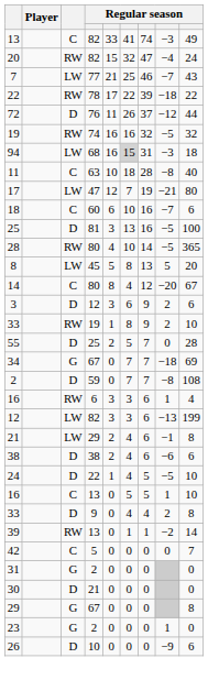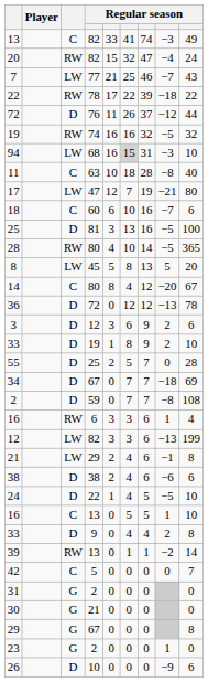 <table class="wikitable sortable plainrowheaders" style="text-align:center;">
 <tr>
 <th scope="col" data-sort-type="number" rowspan="2"></th>
 <th scope="col" rowspan="2">Player</th>
 <th scope="col" rowspan="2"></th>
 <th scope=colgroup colspan=6>Regular season</th>
 </tr>
 <tr>
 <th scope="col" data-sort-type="number"></th>
 <th scope="col" data-sort-type="number"></th>
 <th scope="col" data-sort-type="number"></th>
 <th scope="col" data-sort-type="number"></th>
 <th scope="col" data-sort-type="number"></th>
 <th scope="col" data-sort-type="number"></th>
 </tr>
 <tr>
 <td scope="row">13</td>
 <td align="left"></td>
 <td>C</td>
 <td>82</td>
 <td>33</td>
 <td>41</td>
 <td>74</td>
 <td>−3</td>
 <td>49</td>
 </tr>
 <tr>
 <td scope="row">20</td>
 <td align="left"></td>
 <td>RW</td>
 <td>82</td>
 <td>15</td>
 <td>32</td>
 <td>47</td>
 <td>−4</td>
 <td>24</td>
 </tr>
 <tr>
 <td scope="row">7</td>
 <td align="left"></td>
 <td>LW</td>
 <td>77</td>
 <td>21</td>
 <td>25</td>
 <td>46</td>
 <td>−7</td>
 <td>43</td>
 </tr>
 <tr>
 <td scope="row">22</td>
 <td align="left"></td>
 <td>RW</td>
 <td>78</td>
 <td>17</td>
 <td>22</td>
 <td>39</td>
 <td>−18</td>
 <td>22</td>
 </tr>
 <tr>
 <td scope="row">72</td>
 <td align="left"></td>
 <td>D</td>
 <td>76</td>
 <td>11</td>
 <td>26</td>
 <td>37</td>
 <td>−12</td>
 <td>44</td>
 </tr>
 <tr>
 <td scope="row">19</td>
 <td align="left"></td>
 <td>RW</td>
 <td>74</td>
 <td>16</td>
 <td>16</td>
 <td>32</td>
 <td>−5</td>
 <td>32</td>
 </tr>
 <tr>
 <td scope="row">94</td>
 <td align="left"></td>
 <td>LW</td>
 <td>68</td>
 <td>16</td>
 <td style="background: lightgrey;">15</td>
 <td>31</td>
 <td>−3</td>
-<td>18</td>
+<td>10</td>
 </tr>
 <tr>
 <td scope="row">11</td>
 <td align="left"></td>
 <td>C</td>
 <td>63</td>
 <td>10</td>
 <td>18</td>
 <td>28</td>
 <td>−8</td>
 <td>40</td>
 </tr>
 <tr>
 <td scope="row">17</td>
 <td align="left"></td>
 <td>LW</td>
 <td>47</td>
 <td>12</td>
 <td>7</td>
 <td>19</td>
 <td>−21</td>
 <td>80</td>
 </tr>
 <tr>
 <td scope="row">18</td>
 <td align="left"></td>
 <td>C</td>
 <td>60</td>
 <td>6</td>
 <td>10</td>
 <td>16</td>
 <td>−7</td>
 <td>6</td>
 </tr>
 <tr>
 <td scope="row">25</td>
 <td align="left"></td>
 <td>D</td>
 <td>81</td>
 <td>3</td>
 <td>13</td>
 <td>16</td>
 <td>−5</td>
 <td>100</td>
 </tr>
 <tr>
 <td scope="row">28</td>
 <td align="left"></td>
 <td>RW</td>
 <td>80</td>
 <td>4</td>
 <td>10</td>
 <td>14</td>
 <td>−5</td>
 <td>365</td>
 </tr>
 <tr>
 <td scope="row">8</td>
 <td align="left"></td>
 <td>LW</td>
 <td>45</td>
 <td>5</td>
 <td>8</td>
 <td>13</td>
 <td>5</td>
 <td>20</td>
 </tr>
 <tr>
 <td scope="row">14</td>
 <td align="left"></td>
 <td>C</td>
 <td>80</td>
 <td>8</td>
 <td>4</td>
 <td>12</td>
 <td>−20</td>
 <td>67</td>
 </tr>
 <tr>
+<td scope="row">36</td>
+<td align="left"></td>
+<td>D</td>
+<td>72</td>
+<td>0</td>
+<td>12</td>
+<td>12</td>
+<td>−13</td>
+<td>78</td>
+</tr>
+<tr>
 <td scope="row">3</td>
 <td align="left"></td>
 <td>D</td>
 <td>12</td>
 <td>3</td>
 <td>6</td>
 <td>9</td>
 <td>2</td>
 <td>6</td>
 </tr>
 <tr>
 <td scope="row">33</td>
 <td align="left"></td>
-<td>RW</td>
+<td>D</td>
 <td>19</td>
 <td>1</td>
 <td>8</td>
 <td>9</td>
 <td>2</td>
 <td>10</td>
 </tr>
 <tr>
 <td scope="row">55</td>
 <td align="left"></td>
 <td>D</td>
 <td>25</td>
 <td>2</td>
 <td>5</td>
 <td>7</td>
 <td>0</td>
 <td>28</td>
 </tr>
 <tr>
 <td scope="row">34</td>
 <td align="left"></td>
-<td>G</td>
+<td>D</td>
 <td>67</td>
 <td>0</td>
 <td>7</td>
 <td>7</td>
 <td>−18</td>
 <td>69</td>
 </tr>
 <tr>
 <td scope="row">2</td>
 <td align="left"></td>
 <td>D</td>
 <td>59</td>
 <td>0</td>
 <td>7</td>
 <td>7</td>
 <td>−8</td>
 <td>108</td>
 </tr>
 <tr>
 <td scope="row">16</td>
 <td align="left"></td>
 <td>RW</td>
 <td>6</td>
 <td>3</td>
 <td>3</td>
 <td>6</td>
 <td>1</td>
 <td>4</td>
 </tr>
 <tr>
 <td scope="row">12</td>
 <td align="left"></td>
 <td>LW</td>
 <td>82</td>
 <td>3</td>
 <td>3</td>
 <td>6</td>
 <td>−13</td>
 <td>199</td>
 </tr>
 <tr>
 <td scope="row">21</td>
 <td align="left"></td>
 <td>LW</td>
 <td>29</td>
 <td>2</td>
 <td>4</td>
 <td>6</td>
 <td>−1</td>
 <td>8</td>
 </tr>
 <tr>
 <td scope="row">38</td>
 <td align="left"></td>
 <td>D</td>
 <td>38</td>
 <td>2</td>
 <td>4</td>
 <td>6</td>
 <td>−6</td>
 <td>6</td>
 </tr>
 <tr>
 <td scope="row">24</td>
 <td align="left"></td>
 <td>D</td>
 <td>22</td>
 <td>1</td>
 <td>4</td>
 <td>5</td>
 <td>−5</td>
 <td>10</td>
 </tr>
 <tr>
 <td scope="row">16</td>
 <td align="left"></td>
 <td>C</td>
 <td>13</td>
 <td>0</td>
 <td>5</td>
 <td>5</td>
 <td>1</td>
 <td>10</td>
 </tr>
 <tr>
 <td scope="row">33</td>
 <td align="left"></td>
 <td>D</td>
 <td>9</td>
 <td>0</td>
 <td>4</td>
 <td>4</td>
 <td>2</td>
 <td>8</td>
 </tr>
 <tr>
 <td scope="row">39</td>
 <td align="left"></td>
 <td>RW</td>
 <td>13</td>
 <td>0</td>
 <td>1</td>
 <td>1</td>
 <td>−2</td>
 <td>14</td>
 </tr>
 <tr>
 <td scope="row">42</td>
 <td align="left"></td>
 <td>C</td>
 <td>5</td>
 <td>0</td>
 <td>0</td>
 <td>0</td>
 <td>0</td>
 <td>7</td>
 </tr>
 <tr>
 <td scope="row">31</td>
 <td align="left"></td>
 <td>G</td>
 <td>2</td>
 <td>0</td>
 <td>0</td>
 <td>0</td>
 <td style="background:#ccc"></td>
 <td>0</td>
 </tr>
 <tr>
 <td scope="row">30</td>
 <td align="left"></td>
-<td>D</td>
+<td>G</td>
 <td>21</td>
 <td>0</td>
 <td>0</td>
 <td>0</td>
 <td style="background:#ccc"></td>
 <td>0</td>
 </tr>
 <tr>
 <td scope="row">29</td>
 <td align="left"></td>
 <td>G</td>
 <td>67</td>
 <td>0</td>
 <td>0</td>
 <td>0</td>
 <td style="background:#ccc"></td>
 <td>8</td>
 </tr>
 <tr>
 <td scope="row">23</td>
 <td align="left"></td>
 <td>G</td>
 <td>2</td>
 <td>0</td>
 <td>0</td>
 <td>0</td>
 <td>1</td>
 <td>0</td>
 </tr>
 <tr>
 <td scope="row">26</td>
 <td align="left"></td>
 <td>D</td>
 <td>10</td>
 <td>0</td>
 <td>0</td>
 <td>0</td>
 <td>−9</td>
 <td>6</td>
 </tr>
 </table>
